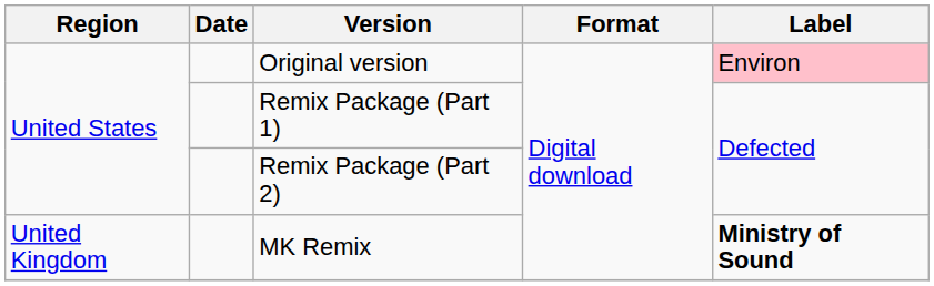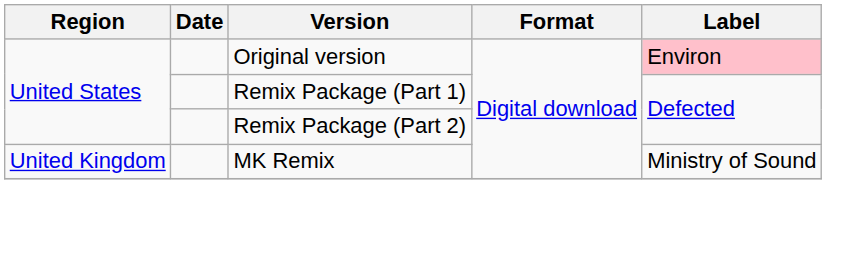 <table class="wikitable">
 <tr>
 <th>Region</th>
 <th>Date</th>
 <th>Version</th>
 <th>Format</th>
 <th>Label</th>
 </tr>
 <tr>
 <td rowspan="3"><a href='#'>United States</a></td>
 <td></td>
 <td>Original version</td>
 <td rowspan="4"><a href='#'>Digital download</a></td>
 <td style="background: pink;">Environ</td>
 </tr>
 <tr>
 <td></td>
 <td>Remix Package (Part 1)</td>
 <td rowspan="2"><a href='#'>Defected</a></td>
 </tr>
 <tr>
 <td></td>
 <td>Remix Package (Part 2)</td>
 </tr>
 <tr>
 <td><a href='#'>United Kingdom</a></td>
 <td></td>
 <td>MK Remix</td>
-<td><strong>Ministry of Sound</strong></td>
+<td>Ministry of Sound</td>
 </tr>
 <tr>
 </tr>
 </table>
